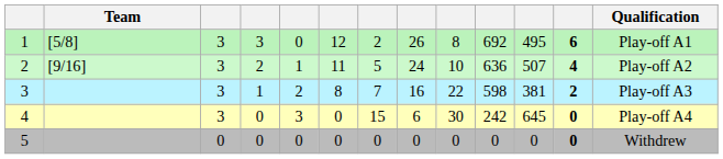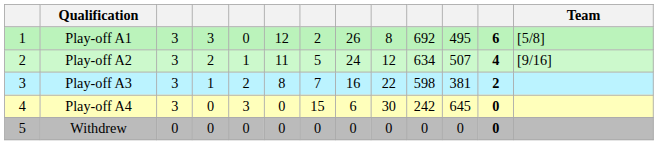 <table class=wikitable style="text-align:center" width=730>
 <tr>
 <th width=5.5%></th>
-<th width=22%>Team</th>
+<th width=18%>Qualification</th>
 <th width=5.5%></th>
 <th width=5.5%></th>
 <th width=5.5%></th>
 <th width=5.5%></th>
 <th width=5.5%></th>
 <th width=5.5%></th>
 <th width=5.5%></th>
 <th width=5.5%></th>
 <th width=5.5%></th>
 <th width=5.5%></th>
-<th width=18%>Qualification</th>
+<th width=22%>Team</th>
 </tr>
 <tr bgcolor=#bbf3bb>
 <td>1</td>
-<td style="text-align:left"> [5/8]</td>
+<td>Play-off A1</td>
 <td>3</td>
 <td>3</td>
 <td>0</td>
 <td>12</td>
 <td>2</td>
 <td>26</td>
 <td>8</td>
 <td>692</td>
 <td>495</td>
 <td><strong>6</strong></td>
-<td>Play-off A1</td>
+<td style="text-align:left"> [5/8]</td>
 </tr>
 <tr bgcolor=#ccf9cc>
 <td>2</td>
-<td style="text-align:left"> [9/16]</td>
+<td>Play-off A2</td>
 <td>3</td>
 <td>2</td>
 <td>1</td>
 <td>11</td>
 <td>5</td>
 <td>24</td>
-<td>10</td>
-<td>636</td>
+<td>12</td>
+<td>634</td>
 <td>507</td>
 <td><strong>4</strong></td>
-<td>Play-off A2</td>
+<td style="text-align:left"> [9/16]</td>
 </tr>
 <tr bgcolor=#bbf3ff>
 <td>3</td>
-<td style="text-align:left"></td>
+<td>Play-off A3</td>
 <td>3</td>
 <td>1</td>
 <td>2</td>
 <td>8</td>
 <td>7</td>
 <td>16</td>
 <td>22</td>
 <td>598</td>
 <td>381</td>
 <td><strong>2</strong></td>
-<td>Play-off A3</td>
+<td style="text-align:left"></td>
 </tr>
 <tr bgcolor=#ffffbb>
 <td>4</td>
-<td style="text-align:left"></td>
+<td>Play-off A4</td>
 <td>3</td>
 <td>0</td>
 <td>3</td>
 <td>0</td>
 <td>15</td>
 <td>6</td>
 <td>30</td>
 <td>242</td>
 <td>645</td>
 <td><strong>0</strong></td>
-<td>Play-off A4</td>
+<td style="text-align:left"></td>
 </tr>
 <tr bgcolor=#bbbbbb>
 <td>5</td>
-<td style="text-align:left"></td>
+<td>Withdrew</td>
 <td>0</td>
 <td>0</td>
 <td>0</td>
 <td>0</td>
 <td>0</td>
 <td>0</td>
 <td>0</td>
 <td>0</td>
 <td>0</td>
 <td><strong>0</strong></td>
-<td>Withdrew</td>
+<td style="text-align:left"></td>
 </tr>
 </table>
